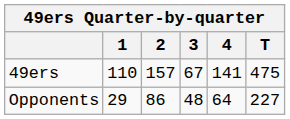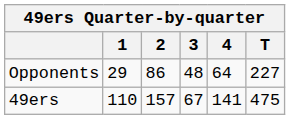 <table class="wikitable">
 <tr>
 <th colspan=6>49ers Quarter-by-quarter</th>
 </tr>
 <tr>
 <th></th>
 <th>1</th>
 <th>2</th>
 <th>3</th>
 <th>4</th>
 <th>T</th>
 </tr>
 <tr>
+<td>Opponents</td>
+<td>29</td>
+<td>86</td>
+<td>48</td>
+<td>64</td>
+<td>227</td>
+</tr>
+<tr>
 <td>49ers</td>
 <td>110</td>
 <td>157</td>
 <td>67</td>
 <td>141</td>
 <td>475</td>
 </tr>
-<tr>
-<td>Opponents</td>
-<td>29</td>
-<td>86</td>
-<td>48</td>
-<td>64</td>
-<td>227</td>
-</tr>
 </table>
